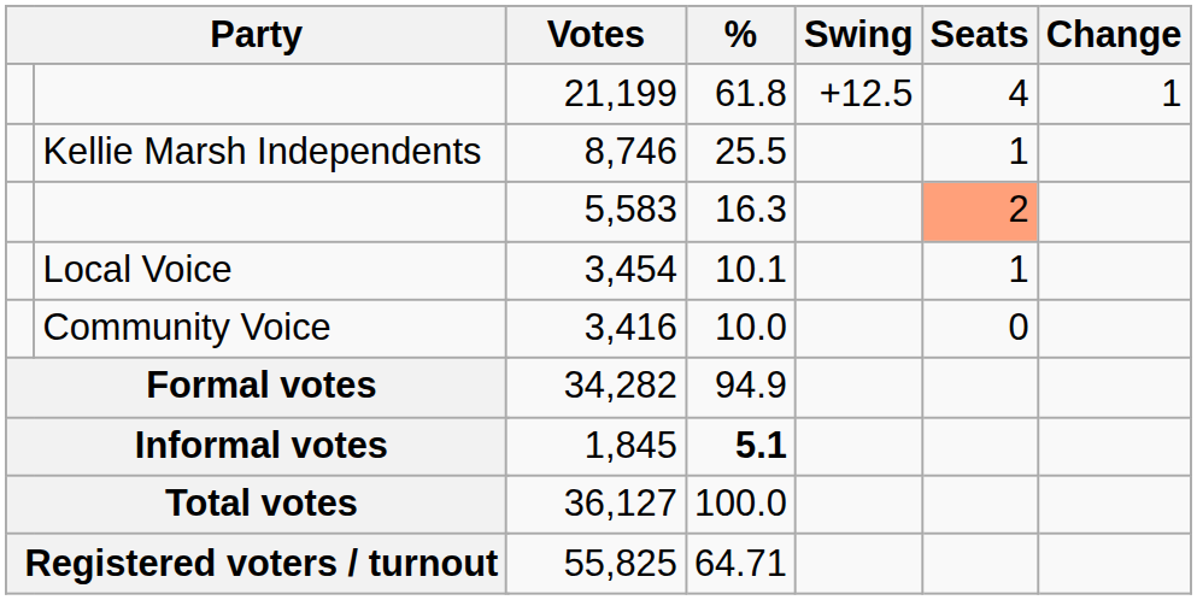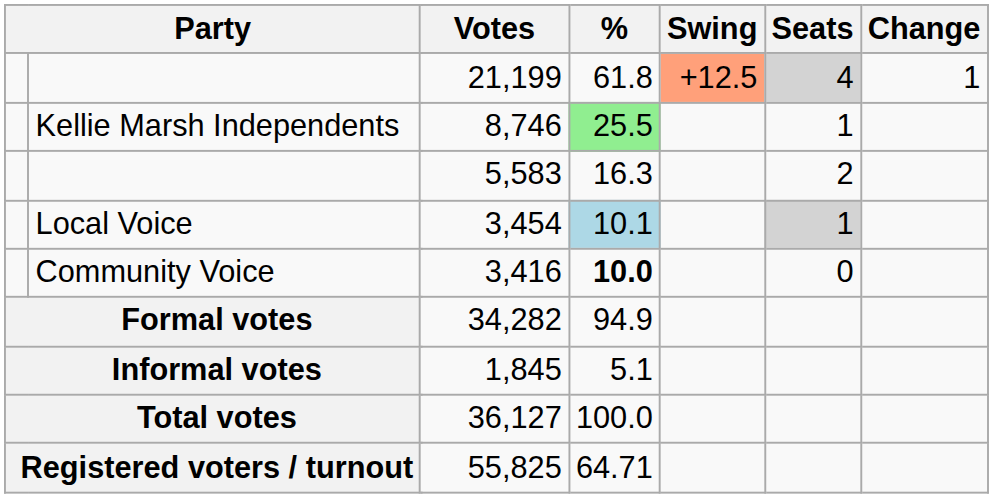 <table class="wikitable" style="text-align:right; margin-bottom:0">
 <tr>
 <th style="width:10px" colspan=3>Party</th>
 <th style="width:70px;">Votes</th>
 <th style="width:40px;">%</th>
 <th style="width:40px;">Swing</th>
 <th style="width:40px;">Seats</th>
 <th style="width:40px;">Change</th>
 </tr>
 <tr>
 <td> </td>
 <td style="text-align:left;" colspan="2"></td>
 <td>21,199</td>
 <td>61.8</td>
-<td>+12.5</td>
-<td>4</td>
+<td style="background: lightsalmon;">+12.5</td>
+<td style="background: lightgrey;">4</td>
 <td> 1</td>
 </tr>
 <tr>
 <td> </td>
 <td style="text-align:left;" colspan="2">Kellie Marsh Independents</td>
 <td>8,746</td>
-<td>25.5</td>
+<td style="background: lightgreen;">25.5</td>
 <td></td>
 <td>1</td>
 <td></td>
 </tr>
 <tr>
 <td> </td>
 <td style="text-align:left;" colspan="2"></td>
 <td>5,583</td>
 <td>16.3</td>
 <td></td>
-<td style="background: lightsalmon;">2</td>
+<td>2</td>
 <td></td>
 </tr>
 <tr>
 <td> </td>
 <td style="text-align:left;" colspan="2">Local Voice</td>
 <td>3,454</td>
-<td>10.1</td>
+<td style="background: lightblue;">10.1</td>
 <td></td>
-<td>1</td>
+<td style="background: lightgrey;">1</td>
 <td></td>
 </tr>
 <tr>
 <td> </td>
 <td style="text-align:left;" colspan="2">Community Voice</td>
 <td>3,416</td>
-<td>10.0</td>
+<td><strong>10.0</strong></td>
 <td></td>
 <td>0</td>
 <td></td>
 </tr>
 <tr>
 <th colspan="3" rowspan="1"> Formal votes</th>
 <td>34,282</td>
 <td>94.9</td>
 <td></td>
 <td></td>
 <td></td>
 </tr>
 <tr>
 <th colspan="3" rowspan="1"> Informal votes</th>
 <td>1,845</td>
-<td><strong>5.1</strong></td>
+<td>5.1</td>
 <td></td>
 <td></td>
 <td></td>
 </tr>
 <tr>
 <th colspan="3" rowspan="1"> Total votes</th>
 <td>36,127</td>
 <td>100.0</td>
 <td></td>
 <td></td>
 <td></td>
 </tr>
 <tr>
 <th colspan="3" rowspan="1"> Registered voters / turnout</th>
 <td>55,825</td>
 <td>64.71</td>
 <td></td>
 <td></td>
 <td></td>
 </tr>
 </table>
